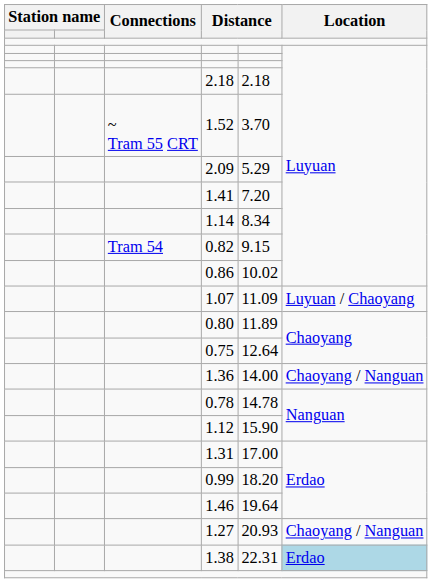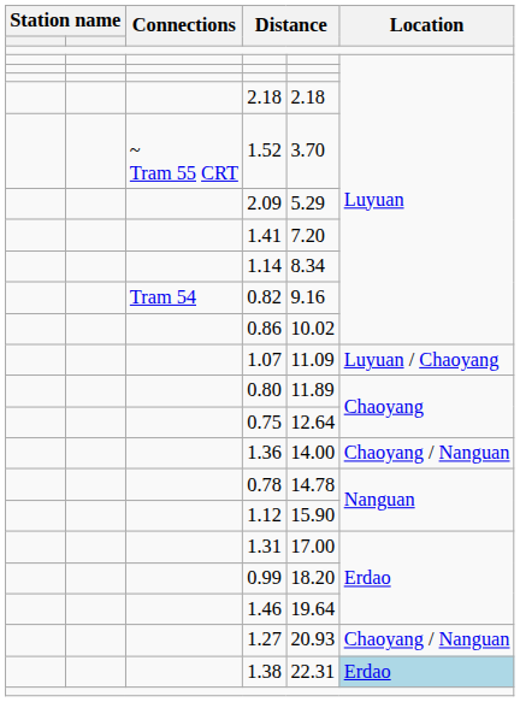 <table class="wikitable">
 <tr>
 <th colspan="2">Station name</th>
 <th rowspan="2">Connections</th>
 <th colspan="2" rowspan="2">Distance<br></th>
 <th rowspan="2">Location</th>
 </tr>
 <tr>
 <th></th>
 <th></th>
 </tr>
 <tr style="background:#">
 <td colspan = "8"></td>
 </tr>
 <tr>
 <td></td>
 <td></td>
 <td></td>
 <td></td>
 <td></td>
 <td rowspan="10"><a href='#'>Luyuan</a></td>
 </tr>
 <tr>
 <td></td>
 <td></td>
 <td></td>
 <td></td>
 <td></td>
 </tr>
 <tr>
 <td></td>
 <td></td>
 <td></td>
 <td></td>
 <td></td>
 </tr>
 <tr>
 <td></td>
 <td></td>
 <td></td>
 <td>2.18</td>
 <td>2.18</td>
 </tr>
 <tr>
 <td></td>
 <td></td>
 <td><br> ~<br> <a href='#'>Tram 55</a> <a href='#'>CRT</a></td>
 <td>1.52</td>
 <td>3.70</td>
 </tr>
 <tr>
 <td></td>
 <td></td>
 <td></td>
 <td>2.09</td>
 <td>5.29</td>
 </tr>
 <tr>
 <td></td>
 <td></td>
 <td></td>
 <td>1.41</td>
 <td>7.20</td>
 </tr>
 <tr>
 <td></td>
 <td></td>
 <td></td>
 <td>1.14</td>
 <td>8.34</td>
 </tr>
 <tr>
 <td></td>
 <td></td>
 <td> <a href='#'>Tram 54</a></td>
 <td>0.82</td>
-<td>9.15</td>
+<td>9.16</td>
 </tr>
 <tr>
 <td></td>
 <td></td>
 <td></td>
 <td>0.86</td>
 <td>10.02</td>
 </tr>
 <tr>
 <td></td>
 <td></td>
 <td></td>
 <td>1.07</td>
 <td>11.09</td>
 <td><a href='#'>Luyuan</a> / <a href='#'>Chaoyang</a></td>
 </tr>
 <tr>
 <td></td>
 <td></td>
 <td></td>
 <td>0.80</td>
 <td>11.89</td>
 <td rowspan="2"><a href='#'>Chaoyang</a></td>
 </tr>
 <tr>
 <td></td>
 <td></td>
 <td></td>
 <td>0.75</td>
 <td>12.64</td>
 </tr>
 <tr>
 <td></td>
 <td></td>
 <td></td>
 <td>1.36</td>
 <td>14.00</td>
 <td><a href='#'>Chaoyang</a> / <a href='#'>Nanguan</a></td>
 </tr>
 <tr>
 <td></td>
 <td></td>
 <td></td>
 <td>0.78</td>
 <td>14.78</td>
 <td rowspan="2"><a href='#'>Nanguan</a></td>
 </tr>
 <tr>
 <td></td>
 <td></td>
 <td></td>
 <td>1.12</td>
 <td>15.90</td>
 </tr>
 <tr>
 <td></td>
 <td></td>
 <td></td>
 <td>1.31</td>
 <td>17.00</td>
 <td rowspan="3"><a href='#'>Erdao</a></td>
 </tr>
 <tr>
 <td></td>
 <td></td>
 <td></td>
 <td>0.99</td>
 <td>18.20</td>
 </tr>
 <tr>
 <td></td>
 <td></td>
 <td></td>
 <td>1.46</td>
 <td>19.64</td>
 </tr>
 <tr>
 <td></td>
 <td></td>
 <td></td>
 <td>1.27</td>
 <td>20.93</td>
 <td><a href='#'>Chaoyang</a> / <a href='#'>Nanguan</a></td>
 </tr>
 <tr>
 <td></td>
 <td></td>
 <td></td>
 <td>1.38</td>
 <td>22.31</td>
 <td style="background: lightblue;"><a href='#'>Erdao</a></td>
 </tr>
 <tr style="background:#">
 <td colspan = "8"></td>
 </tr>
 </table>
